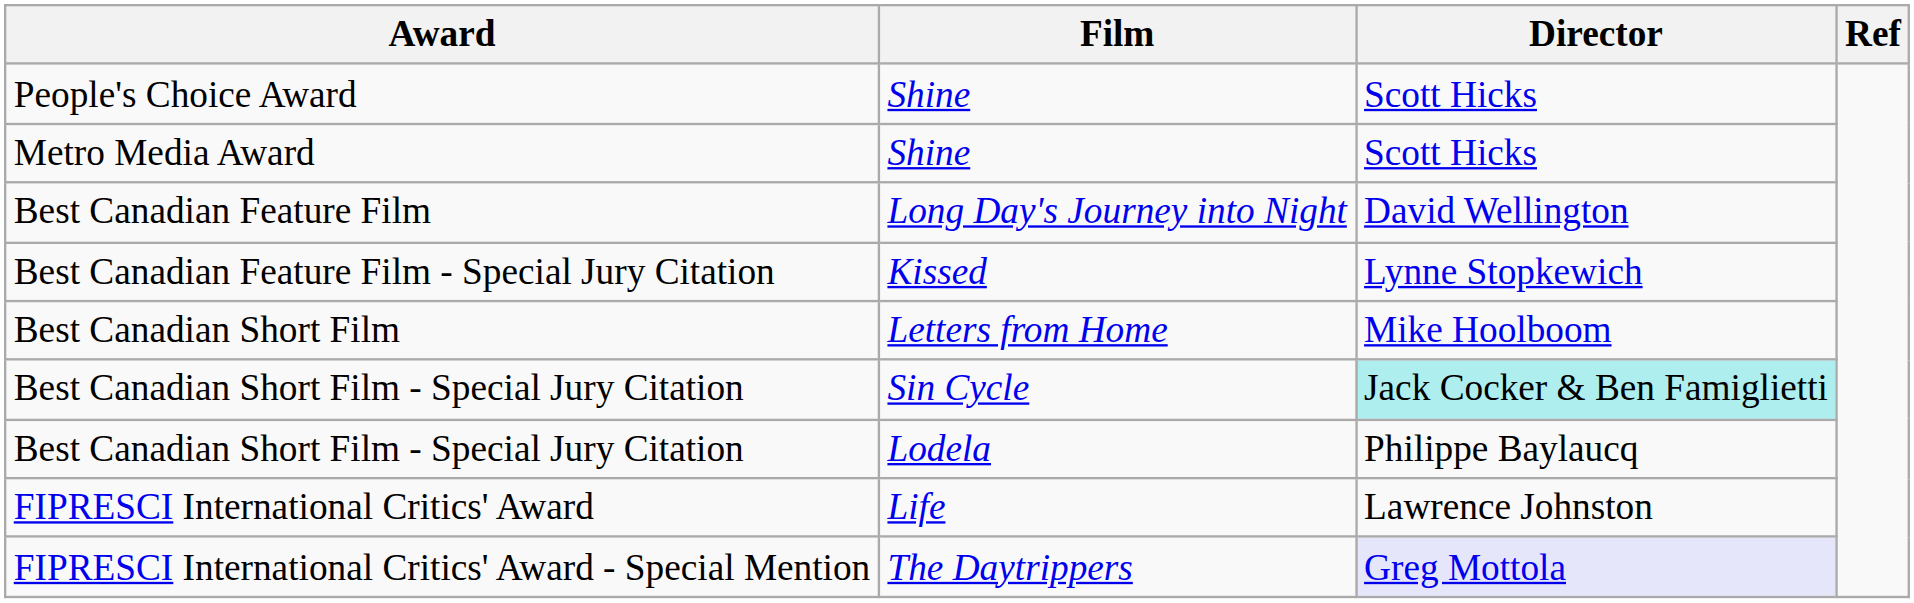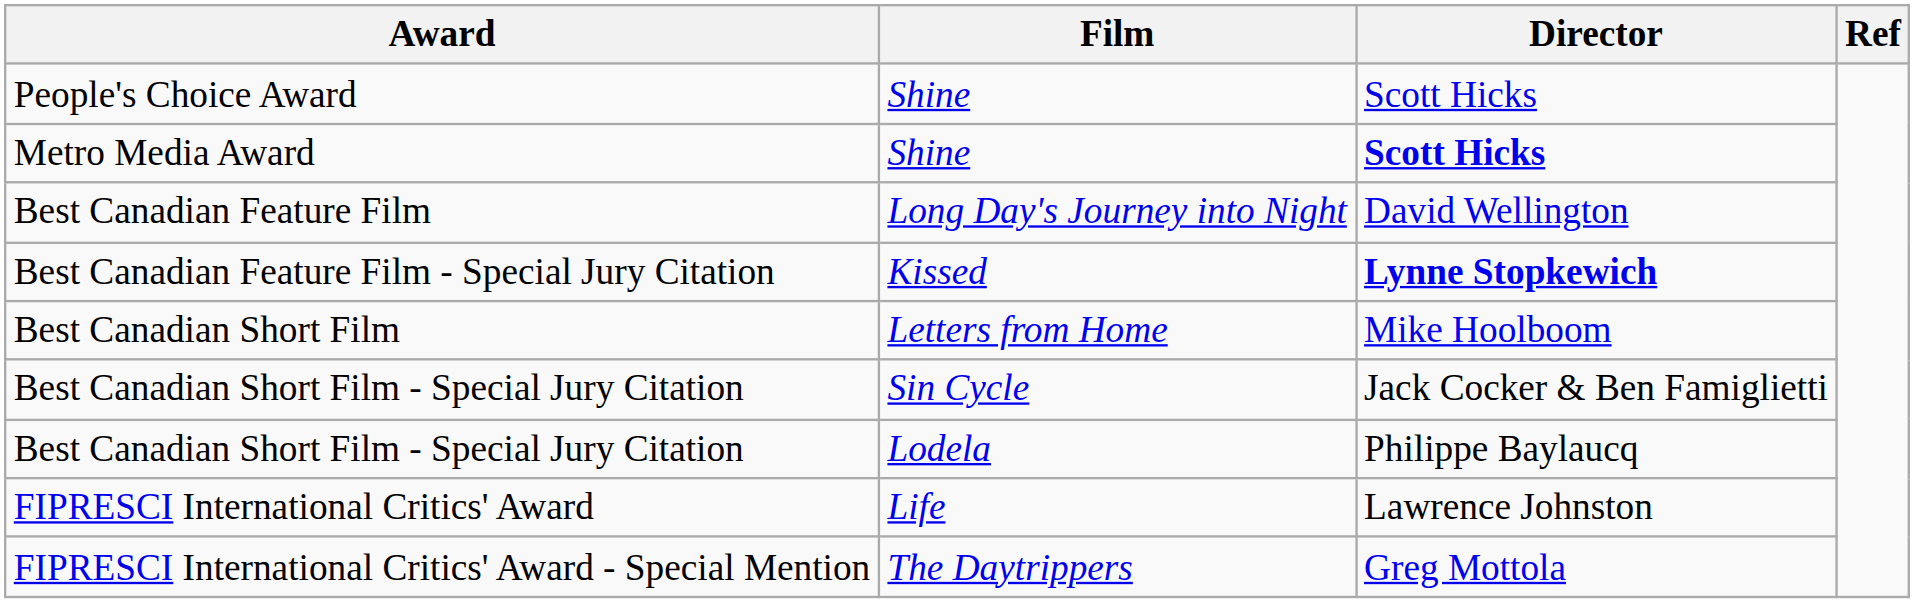 <table class="wikitable">
 <tr>
 <th>Award</th>
 <th>Film</th>
 <th>Director</th>
 <th>Ref</th>
 </tr>
 <tr>
 <td>People's Choice Award</td>
 <td><em><a href='#'>Shine</a></em></td>
 <td><a href='#'>Scott Hicks</a></td>
 <td rowspan=9></td>
 </tr>
 <tr>
 <td>Metro Media Award</td>
 <td><em><a href='#'>Shine</a></em></td>
-<td><a href='#'>Scott Hicks</a></td>
+<td><strong><a href='#'>Scott Hicks</a></strong></td>
 </tr>
 <tr>
 <td>Best Canadian Feature Film</td>
 <td><em><a href='#'>Long Day's Journey into Night</a></em></td>
 <td><a href='#'>David Wellington</a></td>
 </tr>
 <tr>
 <td>Best Canadian Feature Film - Special Jury Citation</td>
 <td><em><a href='#'>Kissed</a></em></td>
-<td><a href='#'>Lynne Stopkewich</a></td>
+<td><strong><a href='#'>Lynne Stopkewich</a></strong></td>
 </tr>
 <tr>
 <td>Best Canadian Short Film</td>
 <td><em><a href='#'>Letters from Home</a></em></td>
 <td><a href='#'>Mike Hoolboom</a></td>
 </tr>
 <tr>
 <td>Best Canadian Short Film - Special Jury Citation</td>
 <td><em><a href='#'>Sin Cycle</a></em></td>
-<td style="background: paleturquoise;">Jack Cocker & Ben Famiglietti</td>
+<td>Jack Cocker & Ben Famiglietti</td>
 </tr>
 <tr>
 <td>Best Canadian Short Film - Special Jury Citation</td>
 <td><em><a href='#'>Lodela</a></em></td>
 <td>Philippe Baylaucq</td>
 </tr>
 <tr>
 <td><a href='#'>FIPRESCI</a> International Critics' Award</td>
 <td><em><a href='#'>Life</a></em></td>
 <td>Lawrence Johnston</td>
 </tr>
 <tr>
 <td><a href='#'>FIPRESCI</a> International Critics' Award - Special Mention</td>
 <td><em><a href='#'>The Daytrippers</a></em></td>
-<td style="background: lavender;"><a href='#'>Greg Mottola</a></td>
+<td><a href='#'>Greg Mottola</a></td>
 </tr>
 </table>
